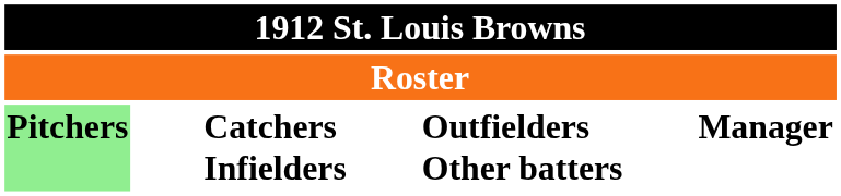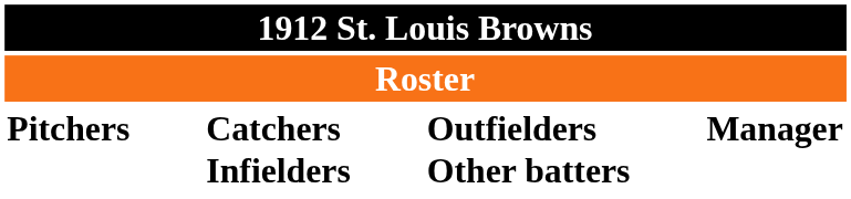 <table class="toccolours" style="font-size: 95%;">
 <tr>
 <th colspan="10" style="background-color: black; color: white; text-align: center;">1912 St. Louis Browns</th>
 </tr>
 <tr>
 <td colspan="10" style="background-color: #F87217; color: white; text-align: center;"><strong>Roster</strong></td>
 </tr>
 <tr>
-<td valign="top" style="background: lightgreen;"><strong>Pitchers</strong><br>               </td>
+<td valign="top"><strong>Pitchers</strong><br>               </td>
 <td width="25px"></td>
 <td valign="top"><strong>Catchers</strong><br>        <strong>Infielders</strong>            </td>
 <td width="25px"></td>
 <td valign="top"><strong>Outfielders</strong><br>        <strong>Other batters</strong> </td>
 <td width="25px"></td>
 <td valign="top"><strong>Manager</strong><br> </td>
 </tr>
 </table>
